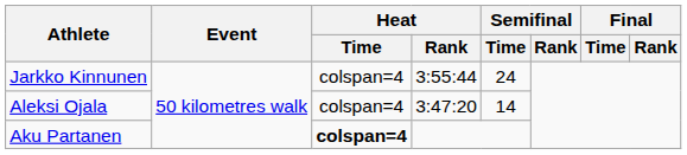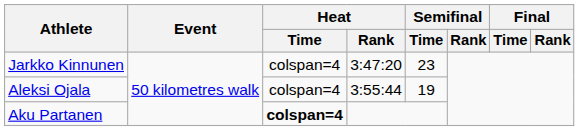 <table class=wikitable style=font-size:90%>
 <tr>
 <th rowspan=2>Athlete</th>
 <th rowspan=2>Event</th>
 <th colspan=2>Heat</th>
 <th colspan=2>Semifinal</th>
 <th colspan=2>Final</th>
 </tr>
 <tr style=font-size:95%>
 <th>Time</th>
 <th>Rank</th>
 <th>Time</th>
 <th>Rank</th>
 <th>Time</th>
 <th>Rank</th>
 </tr>
 <tr align=center>
 <td align=left><a href='#'>Jarkko Kinnunen</a></td>
 <td align=left rowspan=3><a href='#'>50 kilometres walk</a></td>
 <td>colspan=4 </td>
-<td>3:55:44 <strong></strong></td>
-<td>24</td>
+<td>3:47:20 <strong></strong></td>
+<td>23</td>
 </tr>
 <tr align=center>
 <td align=left><a href='#'>Aleksi Ojala</a></td>
 <td>colspan=4 </td>
-<td>3:47:20 <strong></strong></td>
-<td>14</td>
+<td>3:55:44 <strong></strong></td>
+<td>19</td>
 </tr>
 <tr align=center>
 <td align=left><a href='#'>Aku Partanen</a></td>
 <td><strong>colspan=4 </strong></td>
 <td colspan=2></td>
 </tr>
 </table>
